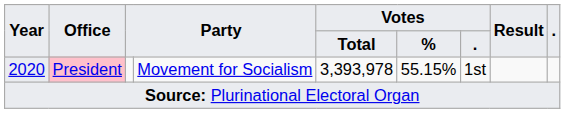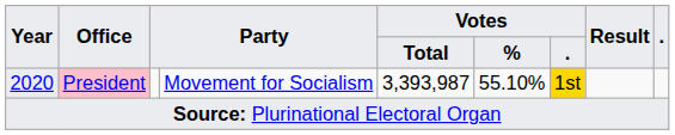 <table class="wikitable" style="font-size:90%; text-align:center;">
 <tr>
 <th style="background-color:#EAECF0;" rowspan=2>Year</th>
 <th style="background-color:#EAECF0;" rowspan=2>Office</th>
 <th style="background-color:#EAECF0;" colspan=2 rowspan=2>Party</th>
 <th style="background-color:#EAECF0;" colspan=3>Votes</th>
 <th style="background-color:#EAECF0;" rowspan=2>Result</th>
 <th style="background-color:#EAECF0;" rowspan=2>.</th>
 </tr>
 <tr>
 <th style="background-color:#EAECF0;">Total</th>
 <th style="background-color:#EAECF0;">%</th>
 <th style="background-color:#EAECF0;">.</th>
 </tr>
 <tr>
 <td style="background-color:#EAECF0;"><a href='#'>2020</a></td>
 <td style="background: pink;"><a href='#'>President</a></td>
 <td style="background-color:"></td>
 <td><a href='#'>Movement for Socialism</a></td>
-<td>3,393,978</td>
-<td>55.15%</td>
-<td>1st</td>
+<td>3,393,987</td>
+<td>55.10%</td>
+<td style="background: gold;">1st</td>
 <td></td>
 <td></td>
 </tr>
 <tr>
 <td style="background-color:#EAECF0;" colspan=9><strong>Source:</strong> <a href='#'>Plurinational Electoral Organ</a>  </td>
 </tr>
 </table>
